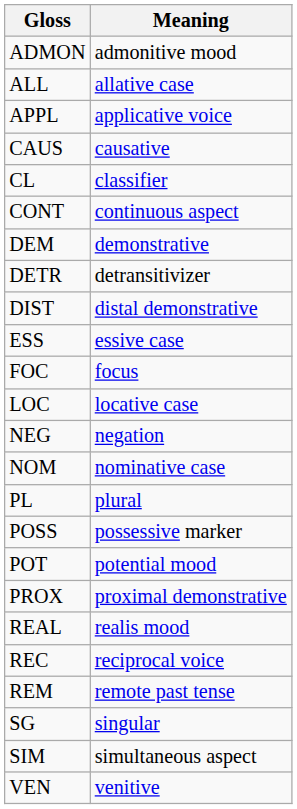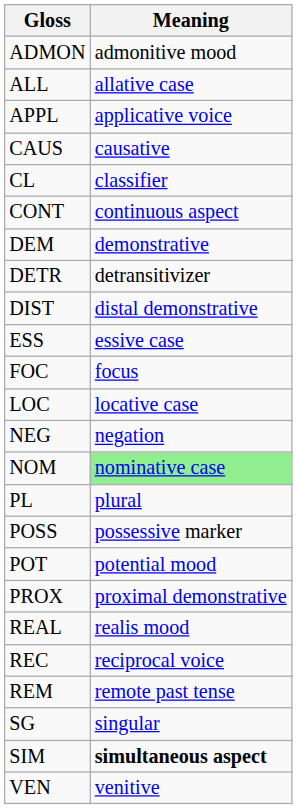 <table class="wikitable">
 <tr>
 <th>Gloss</th>
 <th>Meaning</th>
 </tr>
 <tr>
 <td>ADMON</td>
 <td>admonitive mood</td>
 </tr>
 <tr>
 <td>ALL</td>
 <td><a href='#'>allative case</a></td>
 </tr>
 <tr>
 <td>APPL</td>
 <td><a href='#'>applicative voice</a></td>
 </tr>
 <tr>
 <td>CAUS</td>
 <td><a href='#'>causative</a></td>
 </tr>
 <tr>
 <td>CL</td>
 <td><a href='#'>classifier</a></td>
 </tr>
 <tr>
 <td>CONT</td>
 <td><a href='#'>continuous aspect</a></td>
 </tr>
 <tr>
 <td>DEM</td>
 <td><a href='#'>demonstrative</a></td>
 </tr>
 <tr>
 <td>DETR</td>
 <td>detransitivizer</td>
 </tr>
 <tr>
 <td>DIST</td>
 <td><a href='#'>distal demonstrative</a></td>
 </tr>
 <tr>
 <td>ESS</td>
 <td><a href='#'>essive case</a></td>
 </tr>
 <tr>
 <td>FOC</td>
 <td><a href='#'>focus</a></td>
 </tr>
 <tr>
 <td>LOC</td>
 <td><a href='#'>locative case</a></td>
 </tr>
 <tr>
 <td>NEG</td>
 <td><a href='#'>negation</a></td>
 </tr>
 <tr>
 <td>NOM</td>
-<td><a href='#'>nominative case</a></td>
+<td style="background: lightgreen;"><a href='#'>nominative case</a></td>
 </tr>
 <tr>
 <td>PL</td>
 <td><a href='#'>plural</a></td>
 </tr>
 <tr>
 <td>POSS</td>
 <td><a href='#'>possessive</a> marker</td>
 </tr>
 <tr>
 <td>POT</td>
 <td><a href='#'>potential mood</a></td>
 </tr>
 <tr>
 <td>PROX</td>
 <td><a href='#'>proximal demonstrative</a></td>
 </tr>
 <tr>
 <td>REAL</td>
 <td><a href='#'>realis mood</a></td>
 </tr>
 <tr>
 <td>REC</td>
 <td><a href='#'>reciprocal voice</a></td>
 </tr>
 <tr>
 <td>REM</td>
 <td><a href='#'>remote past tense</a></td>
 </tr>
 <tr>
 <td>SG</td>
 <td><a href='#'>singular</a></td>
 </tr>
 <tr>
 <td>SIM</td>
-<td>simultaneous aspect</td>
+<td><strong>simultaneous aspect</strong></td>
 </tr>
 <tr>
 <td>VEN</td>
 <td><a href='#'>venitive</a></td>
 </tr>
 </table>
